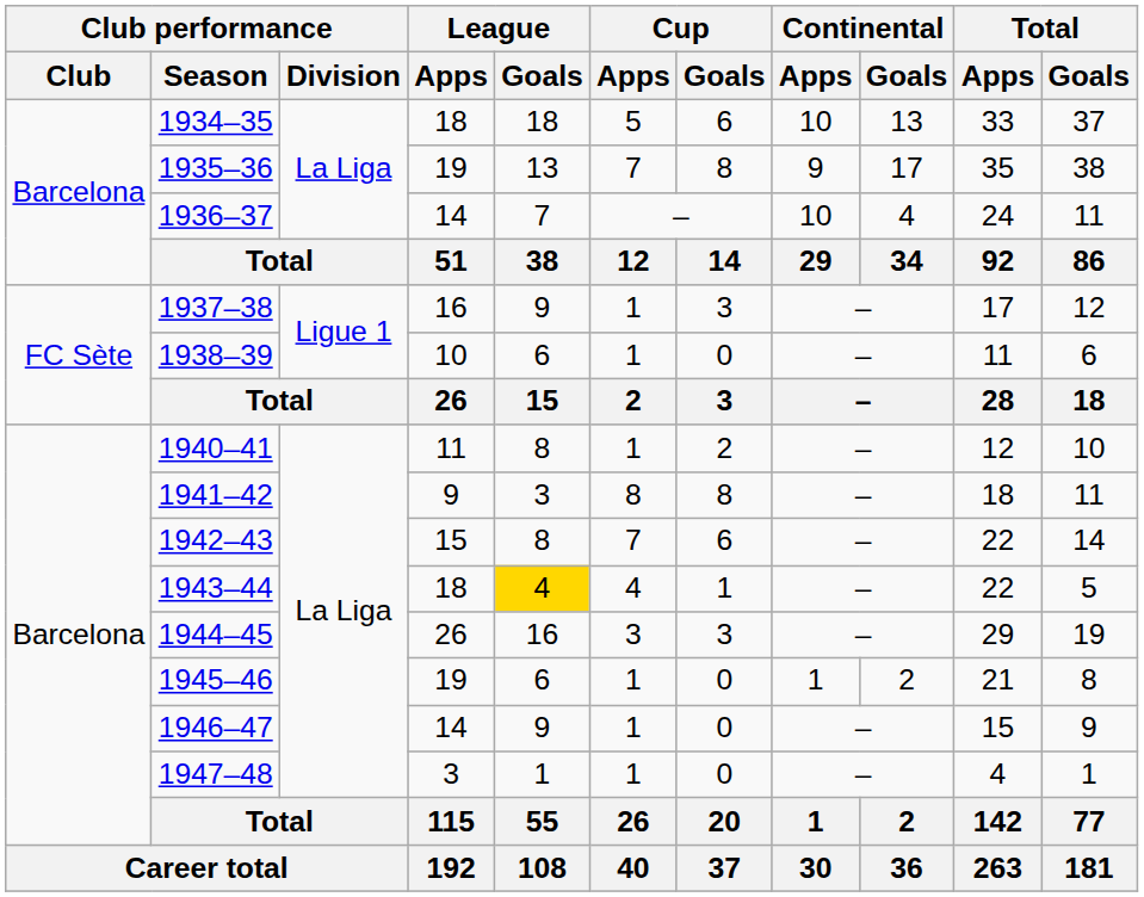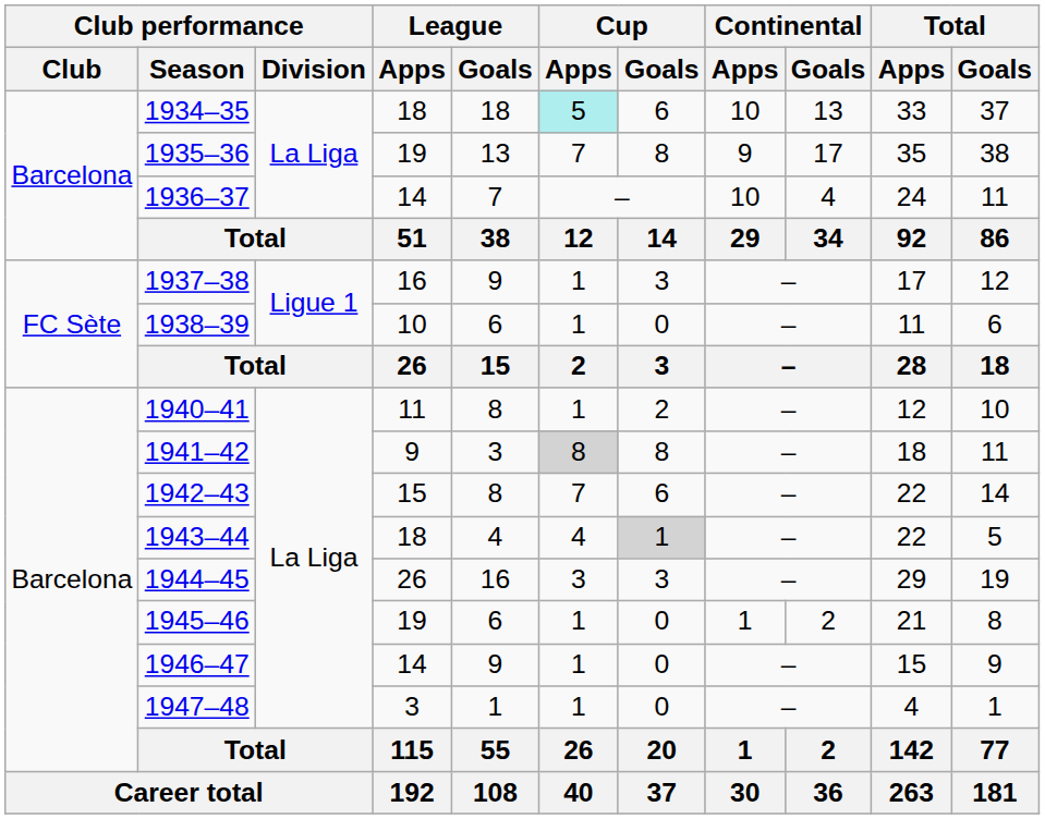 <table class="wikitable" style="text-align:center">
 <tr>
 <th colspan=3>Club performance</th>
 <th colspan=2>League</th>
 <th colspan=2>Cup</th>
 <th colspan=2>Continental</th>
 <th colspan=2>Total</th>
 </tr>
 <tr>
 <th>Club</th>
 <th>Season</th>
 <th>Division</th>
 <th>Apps</th>
 <th>Goals</th>
 <th>Apps</th>
 <th>Goals</th>
 <th>Apps</th>
 <th>Goals</th>
 <th>Apps</th>
 <th>Goals</th>
 </tr>
 <tr>
 <td rowspan="4"><a href='#'>Barcelona</a></td>
 <td><a href='#'>1934–35</a></td>
 <td rowspan="3"><a href='#'>La Liga</a></td>
 <td>18</td>
 <td>18</td>
-<td>5</td>
+<td style="background: paleturquoise;">5</td>
 <td>6</td>
 <td>10</td>
 <td>13</td>
 <td>33</td>
 <td>37</td>
 </tr>
 <tr>
 <td><a href='#'>1935–36</a></td>
 <td>19</td>
 <td>13</td>
 <td>7</td>
 <td>8</td>
 <td>9</td>
 <td>17</td>
 <td>35</td>
 <td>38</td>
 </tr>
 <tr>
 <td><a href='#'>1936–37</a></td>
 <td>14</td>
 <td>7</td>
 <td colspan="2">–</td>
 <td>10</td>
 <td>4</td>
 <td>24</td>
 <td>11</td>
 </tr>
 <tr>
 <th colspan="2">Total</th>
 <th>51</th>
 <th>38</th>
 <th>12</th>
 <th>14</th>
 <th>29</th>
 <th>34</th>
 <th>92</th>
 <th>86</th>
 </tr>
 <tr>
 <td rowspan="3"><a href='#'>FC Sète</a></td>
 <td><a href='#'>1937–38</a></td>
 <td rowspan="2"><a href='#'>Ligue 1</a></td>
 <td>16</td>
 <td>9</td>
 <td>1</td>
 <td>3</td>
 <td colspan="2">–</td>
 <td>17</td>
 <td>12</td>
 </tr>
 <tr>
 <td><a href='#'>1938–39</a></td>
 <td>10</td>
 <td>6</td>
 <td>1</td>
 <td>0</td>
 <td colspan="2">–</td>
 <td>11</td>
 <td>6</td>
 </tr>
 <tr>
 <th colspan=2>Total</th>
 <th>26</th>
 <th>15</th>
 <th>2</th>
 <th>3</th>
 <th colspan="2">–</th>
 <th>28</th>
 <th>18</th>
 </tr>
 <tr>
 <td rowspan="9">Barcelona</td>
 <td><a href='#'>1940–41</a></td>
 <td rowspan="8">La Liga</td>
 <td>11</td>
 <td>8</td>
 <td>1</td>
 <td>2</td>
 <td colspan="2">–</td>
 <td>12</td>
 <td>10</td>
 </tr>
 <tr>
 <td><a href='#'>1941–42</a></td>
 <td>9</td>
 <td>3</td>
-<td>8</td>
+<td style="background: lightgrey;">8</td>
 <td>8</td>
 <td colspan="2">–</td>
 <td>18</td>
 <td>11</td>
 </tr>
 <tr>
 <td><a href='#'>1942–43</a></td>
 <td>15</td>
 <td>8</td>
 <td>7</td>
 <td>6</td>
 <td colspan="2">–</td>
 <td>22</td>
 <td>14</td>
 </tr>
 <tr>
 <td><a href='#'>1943–44</a></td>
 <td>18</td>
-<td style="background: gold;">4</td>
 <td>4</td>
-<td>1</td>
+<td>4</td>
+<td style="background: lightgrey;">1</td>
 <td colspan="2">–</td>
 <td>22</td>
 <td>5</td>
 </tr>
 <tr>
 <td><a href='#'>1944–45</a></td>
 <td>26</td>
 <td>16</td>
 <td>3</td>
 <td>3</td>
 <td colspan="2">–</td>
 <td>29</td>
 <td>19</td>
 </tr>
 <tr>
 <td><a href='#'>1945–46</a></td>
 <td>19</td>
 <td>6</td>
 <td>1</td>
 <td>0</td>
 <td>1</td>
 <td>2</td>
 <td>21</td>
 <td>8</td>
 </tr>
 <tr>
 <td><a href='#'>1946–47</a></td>
 <td>14</td>
 <td>9</td>
 <td>1</td>
 <td>0</td>
 <td colspan="2">–</td>
 <td>15</td>
 <td>9</td>
 </tr>
 <tr>
 <td><a href='#'>1947–48</a></td>
 <td>3</td>
 <td>1</td>
 <td>1</td>
 <td>0</td>
 <td colspan="2">–</td>
 <td>4</td>
 <td>1</td>
 </tr>
 <tr>
 <th colspan="2">Total</th>
 <th>115</th>
 <th>55</th>
 <th>26</th>
 <th>20</th>
 <th>1</th>
 <th>2</th>
 <th>142</th>
 <th>77</th>
 </tr>
 <tr>
 <th colspan=3>Career total</th>
 <th>192</th>
 <th>108</th>
 <th>40</th>
 <th>37</th>
 <th>30</th>
 <th>36</th>
 <th>263</th>
 <th>181</th>
 </tr>
 </table>
